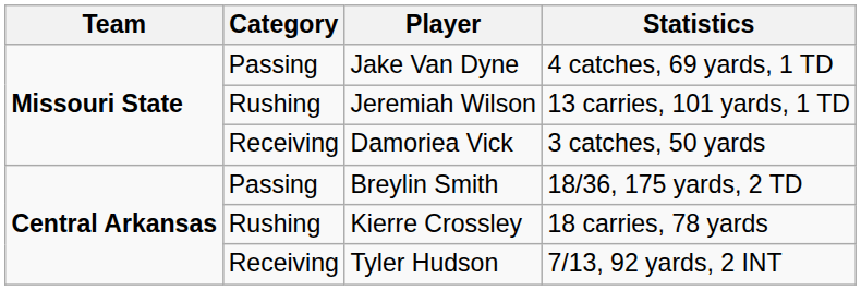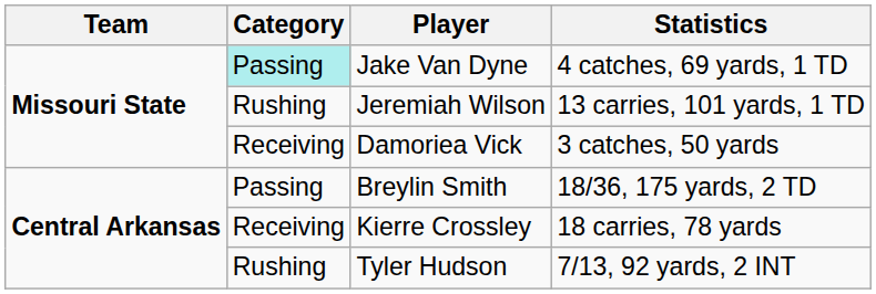 <table class="wikitable" style="float: right;">
 <tr>
 <th>Team</th>
 <th>Category</th>
 <th>Player</th>
 <th>Statistics</th>
 </tr>
 <tr>
 <td rowspan=3><strong>Missouri State</strong></td>
-<td>Passing</td>
+<td style="background: paleturquoise;">Passing</td>
 <td>Jake Van Dyne</td>
 <td>4 catches, 69 yards, 1 TD</td>
 </tr>
 <tr>
 <td>Rushing</td>
 <td>Jeremiah Wilson</td>
 <td>13 carries, 101 yards, 1 TD</td>
 </tr>
 <tr>
 <td>Receiving</td>
 <td>Damoriea Vick</td>
 <td>3 catches, 50 yards</td>
 </tr>
 <tr>
 <td rowspan=3><strong>Central Arkansas</strong></td>
 <td>Passing</td>
 <td>Breylin Smith</td>
 <td>18/36, 175 yards, 2 TD</td>
 </tr>
 <tr>
-<td>Rushing</td>
+<td>Receiving</td>
 <td>Kierre Crossley</td>
 <td>18 carries, 78 yards</td>
 </tr>
 <tr>
-<td>Receiving</td>
+<td>Rushing</td>
 <td>Tyler Hudson</td>
 <td>7/13, 92 yards, 2 INT</td>
 </tr>
 </table>
